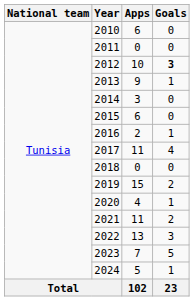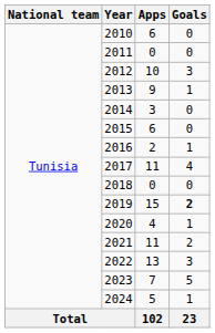 <table class="wikitable" style="text-align:center">
 <tr>
 <th>National team</th>
 <th>Year</th>
 <th>Apps</th>
 <th>Goals</th>
 </tr>
 <tr>
 <td rowspan="15"><a href='#'>Tunisia</a></td>
 <td>2010</td>
 <td>6</td>
 <td>0</td>
 </tr>
 <tr>
 <td>2011</td>
 <td>0</td>
 <td>0</td>
 </tr>
 <tr>
 <td>2012</td>
 <td>10</td>
-<td><strong>3</strong></td>
+<td>3</td>
 </tr>
 <tr>
 <td>2013</td>
 <td>9</td>
 <td>1</td>
 </tr>
 <tr>
 <td>2014</td>
 <td>3</td>
 <td>0</td>
 </tr>
 <tr>
 <td>2015</td>
 <td>6</td>
 <td>0</td>
 </tr>
 <tr>
 <td>2016</td>
 <td>2</td>
 <td>1</td>
 </tr>
 <tr>
 <td>2017</td>
 <td>11</td>
 <td>4</td>
 </tr>
 <tr>
 <td>2018</td>
 <td>0</td>
 <td>0</td>
 </tr>
 <tr>
 <td>2019</td>
 <td>15</td>
-<td>2</td>
+<td><strong>2</strong></td>
 </tr>
 <tr>
 <td>2020</td>
 <td>4</td>
 <td>1</td>
 </tr>
 <tr>
 <td>2021</td>
 <td>11</td>
 <td>2</td>
 </tr>
 <tr>
 <td>2022</td>
 <td>13</td>
 <td>3</td>
 </tr>
 <tr>
 <td>2023</td>
 <td>7</td>
 <td>5</td>
 </tr>
 <tr>
 <td>2024</td>
 <td>5</td>
 <td>1</td>
 </tr>
 <tr>
 <th colspan="2">Total</th>
 <th>102</th>
 <th>23</th>
 </tr>
 </table>
